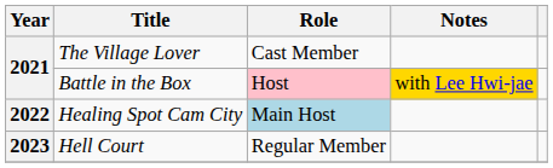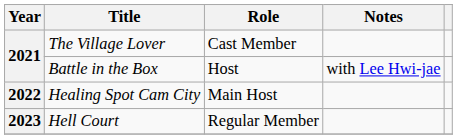 <table class="wikitable plainrowheaders">
 <tr>
 <th scope="col">Year</th>
 <th scope="col">Title</th>
 <th scope="col">Role</th>
 <th scope="col">Notes</th>
 <th scope="col" class="unsortable"></th>
 </tr>
 <tr>
 <th scope="row" rowspan=2>2021</th>
 <td><em>The Village Lover</em></td>
 <td>Cast Member</td>
 <td></td>
 <td></td>
 </tr>
 <tr>
 <td><em>Battle in the Box</em></td>
-<td style="background: pink;">Host</td>
-<td style="background: gold;">with <a href='#'>Lee Hwi-jae</a></td>
+<td>Host</td>
+<td>with <a href='#'>Lee Hwi-jae</a></td>
 <td></td>
 </tr>
 <tr>
 <th scope="row">2022</th>
 <td><em>Healing Spot Cam City</em></td>
-<td style="background: lightblue;">Main Host</td>
+<td>Main Host</td>
 <td></td>
 <td></td>
 </tr>
 <tr>
 <th scope="row">2023</th>
 <td><em>Hell Court</em></td>
 <td>Regular Member</td>
 <td></td>
 <td></td>
 </tr>
 <tr>
 </tr>
 </table>
